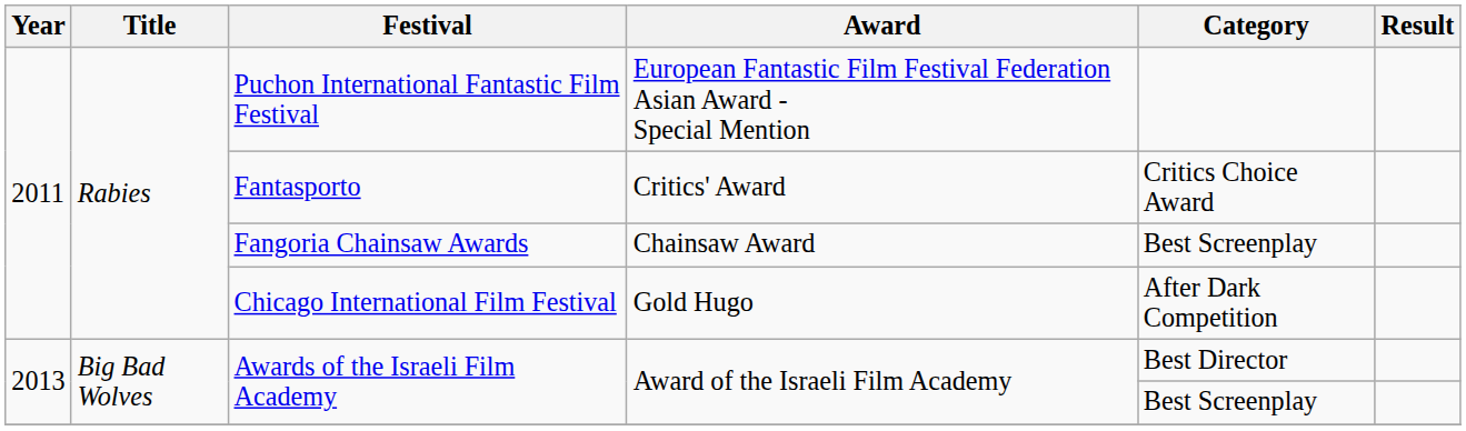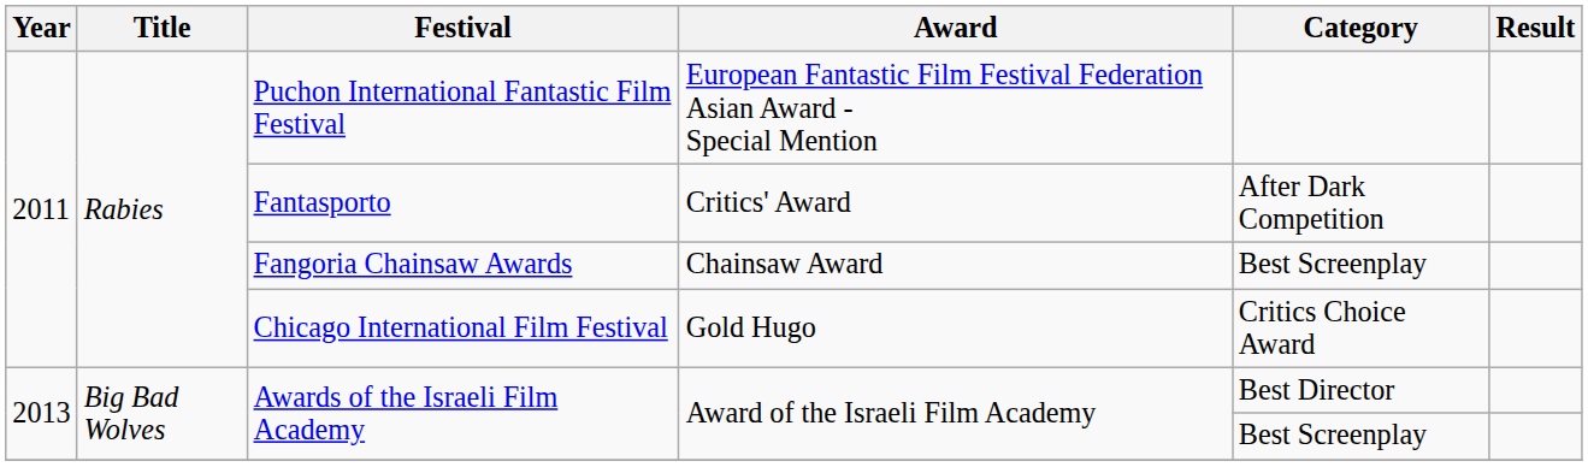 <table class="wikitable" style="width=:95%;">
 <tr>
 <th>Year</th>
 <th>Title</th>
 <th>Festival</th>
 <th>Award</th>
 <th>Category</th>
 <th>Result</th>
 </tr>
 <tr>
 <td rowspan=4>2011</td>
 <td rowspan=4><em>Rabies</em></td>
 <td><a href='#'>Puchon International Fantastic Film Festival</a></td>
 <td><a href='#'>European Fantastic Film Festival Federation</a> Asian Award -<br>Special Mention</td>
 <td></td>
 <td></td>
 </tr>
 <tr>
 <td><a href='#'>Fantasporto</a></td>
 <td>Critics' Award</td>
-<td>Critics Choice Award</td>
+<td>After Dark Competition</td>
 <td></td>
 </tr>
 <tr>
 <td><a href='#'>Fangoria Chainsaw Awards</a></td>
 <td>Chainsaw Award</td>
 <td>Best Screenplay</td>
 <td></td>
 </tr>
 <tr>
 <td><a href='#'>Chicago International Film Festival</a></td>
 <td>Gold Hugo</td>
-<td>After Dark Competition</td>
+<td>Critics Choice Award</td>
 <td></td>
 </tr>
 <tr>
 <td rowspan=2>2013</td>
 <td rowspan=2><em>Big Bad Wolves</em></td>
 <td rowspan=2><a href='#'>Awards of the Israeli Film Academy</a></td>
 <td rowspan=2>Award of the Israeli Film Academy</td>
 <td>Best Director</td>
 <td></td>
 </tr>
 <tr>
 <td>Best Screenplay</td>
 <td></td>
 </tr>
 <tr>
 </tr>
 </table>
